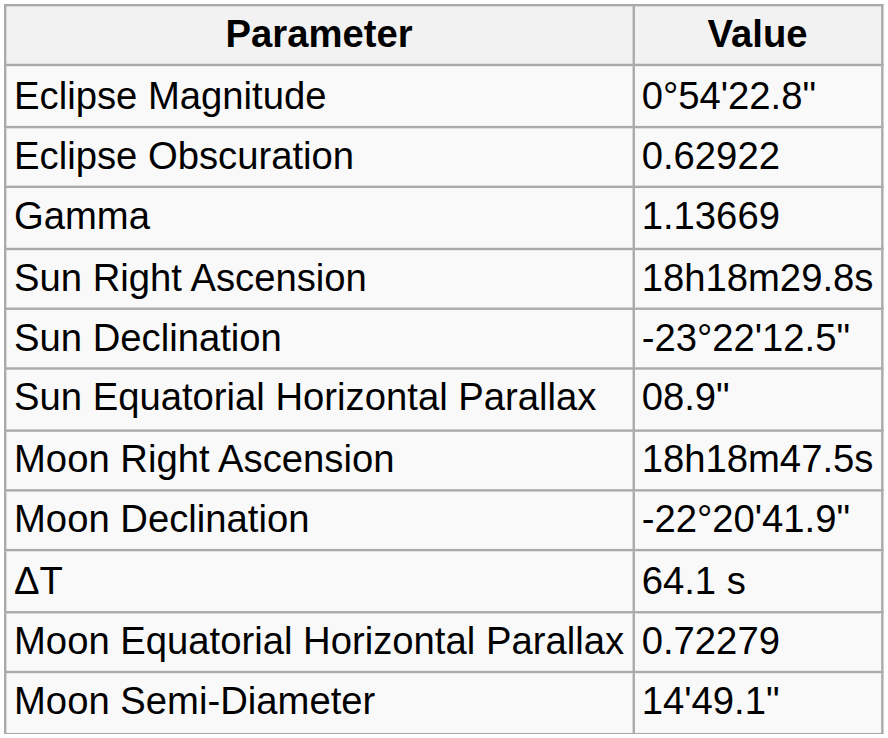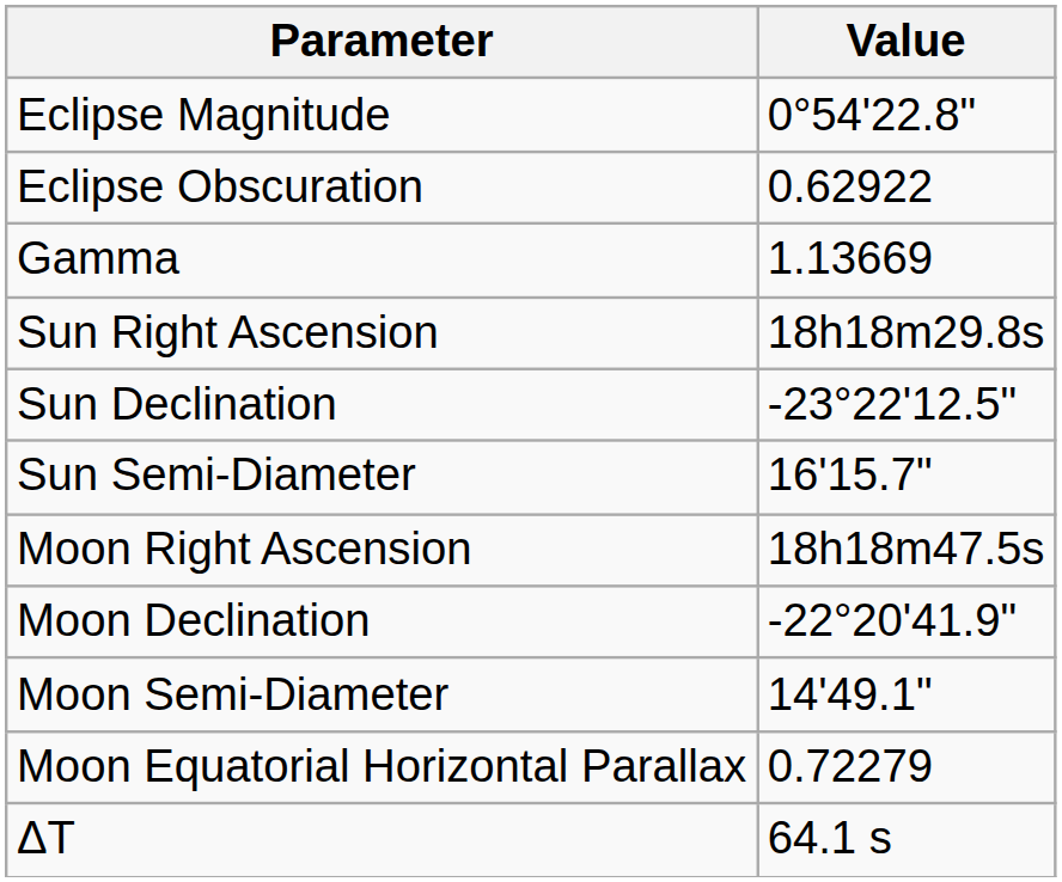 <table class="wikitable">
 <tr>
 <th>Parameter</th>
 <th>Value</th>
 </tr>
 <tr>
 <td>Eclipse Magnitude</td>
 <td>0°54'22.8"</td>
 </tr>
 <tr>
 <td>Eclipse Obscuration</td>
 <td>0.62922</td>
 </tr>
 <tr>
 <td>Gamma</td>
 <td>1.13669</td>
 </tr>
 <tr>
 <td>Sun Right Ascension</td>
 <td>18h18m29.8s</td>
 </tr>
 <tr>
 <td>Sun Declination</td>
 <td>-23°22'12.5"</td>
 </tr>
 <tr>
-<td>Sun Equatorial Horizontal Parallax</td>
-<td>08.9"</td>
+<td>Sun Semi-Diameter</td>
+<td>16'15.7"</td>
 </tr>
 <tr>
 <td>Moon Right Ascension</td>
 <td>18h18m47.5s</td>
 </tr>
 <tr>
 <td>Moon Declination</td>
 <td>-22°20'41.9"</td>
 </tr>
 <tr>
-<td>ΔT</td>
-<td>64.1 s</td>
+<td>Moon Semi-Diameter</td>
+<td>14'49.1"</td>
 </tr>
 <tr>
 <td>Moon Equatorial Horizontal Parallax</td>
 <td>0.72279</td>
 </tr>
 <tr>
-<td>Moon Semi-Diameter</td>
-<td>14'49.1"</td>
+<td>ΔT</td>
+<td>64.1 s</td>
 </tr>
 </table>
